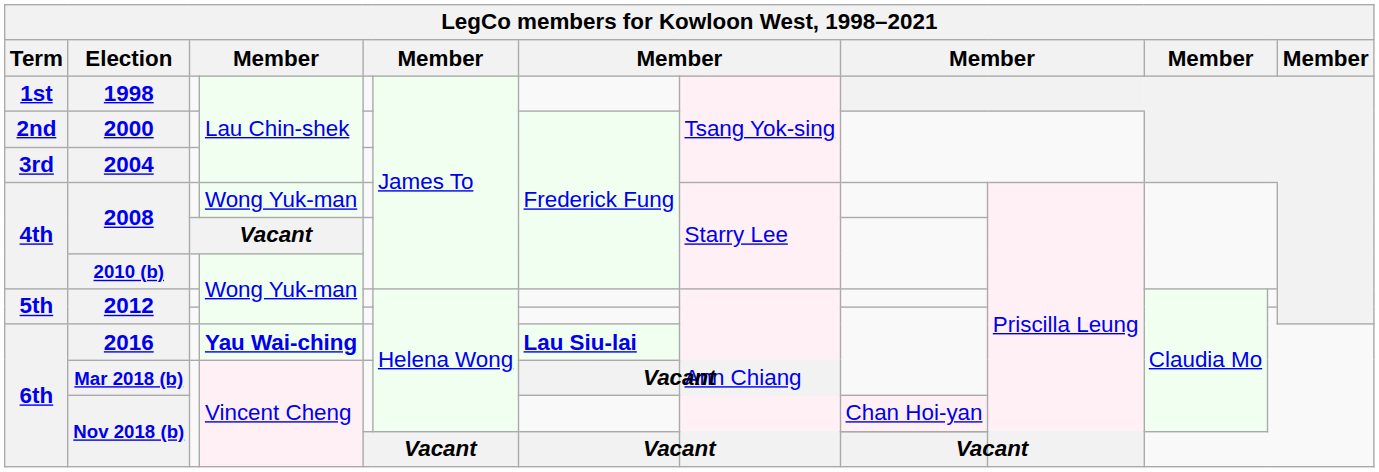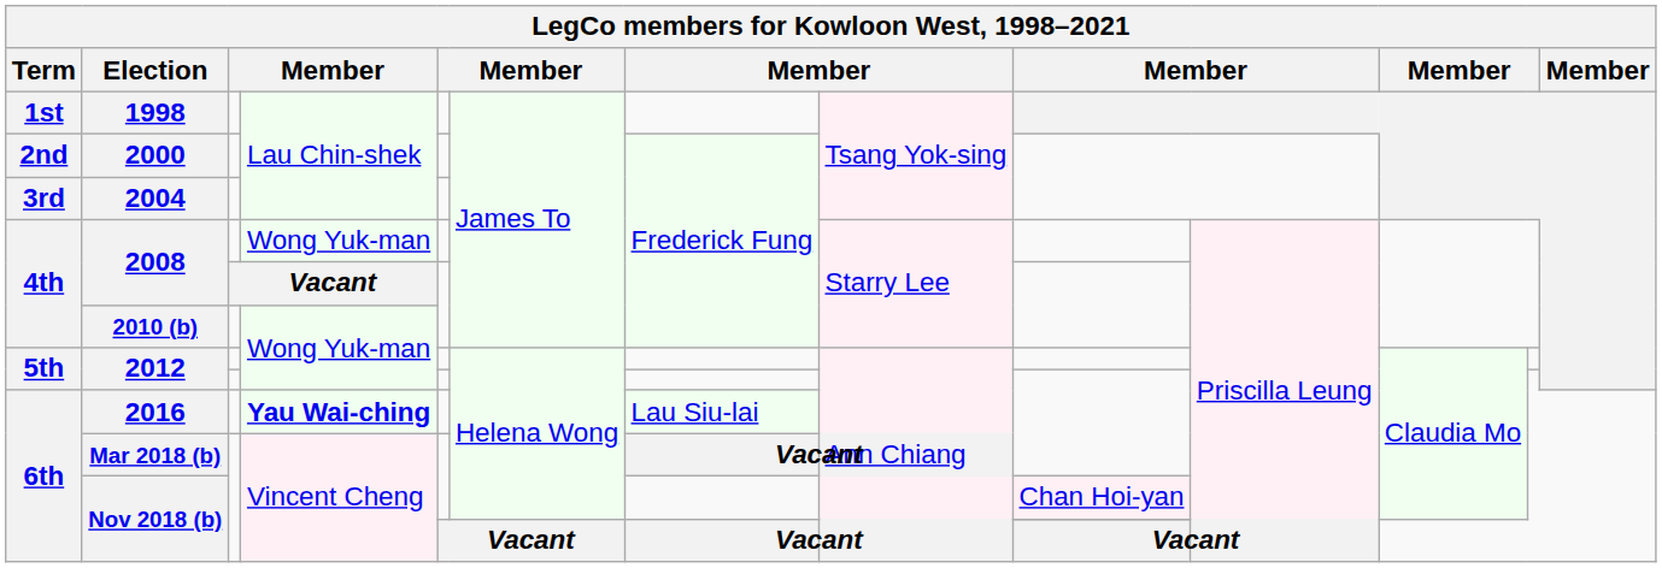 <table class="wikitable" style="text-align:left">
 <tr>
 <th colspan = 20>LegCo members for Kowloon West, 1998–2021</th>
 </tr>
 <tr>
 <th>Term</th>
 <th>Election</th>
 <th colspan="2" width="50px">Member</th>
 <th colspan="2" width="50px">Member</th>
 <th colspan="2" width="50px">Member</th>
 <th colspan="2" width="50px">Member</th>
 <th colspan="2" width="50px">Member</th>
 <th colspan="2" width="50px">Member</th>
 </tr>
 <tr>
 <th><a href='#'>1st</a></th>
 <th><a href='#'>1998</a></th>
 <td style="color:inherit;background:"></td>
 <td rowspan="3" bgcolor=Honeydew><a href='#'>Lau Chin-shek</a> <br></td>
 <td style="color:inherit;background:"></td>
 <td rowspan="6" bgcolor=Honeydew><a href='#'>James To</a> <br></td>
 <td style="color:inherit;background:"></td>
 <td rowspan="3" bgcolor=LavenderBlush><a href='#'>Tsang Yok-sing</a> <br></td>
 <th colspan=2 style=border-right-style:hidden;></th>
 <th rowspan=3 colspan=2 style=border-right-style:hidden;></th>
 <th rowspan=8 colspan=2></th>
 </tr>
 <tr>
 <th><a href='#'>2nd</a></th>
 <th><a href='#'>2000</a></th>
 <td style="color:inherit;background:"></td>
 <td></td>
 <td rowspan="5" bgcolor=Honeydew><a href='#'>Frederick Fung</a> <br></td>
 </tr>
 <tr>
 <th><a href='#'>3rd</a></th>
 <th><a href='#'>2004</a></th>
 </tr>
 <tr>
 <th rowspan=3><a href='#'>4th</a></th>
 <th rowspan=2><a href='#'>2008</a></th>
 <td style="color:inherit;background:"></td>
 <td rowspan="1" bgcolor=Honeydew><a href='#'>Wong Yuk-man</a> <br></td>
 <td style="color:inherit;background:"></td>
 <td rowspan="3" bgcolor=LavenderBlush><a href='#'>Starry Lee</a> <br></td>
 <td style="color:inherit;background:"></td>
 <td rowspan="10" bgcolor=LavenderBlush><a href='#'>Priscilla Leung</a> <br></td>
 </tr>
 <tr>
 <th colspan=2 rowspan=1><em>Vacant</em></th>
 </tr>
 <tr>
 <th><small><a href='#'>2010 (b)</a></small></th>
 <td style="color:inherit;background:"></td>
 <td rowspan="3" bgcolor=Honeydew><a href='#'>Wong Yuk-man</a> <br></td>
 </tr>
 <tr>
 <th rowspan=2><a href='#'>5th</a></th>
 <th rowspan=2><a href='#'>2012</a></th>
 <td style="color:inherit;background:"></td>
 <td style="color:inherit;background:"></td>
 <td rowspan="6" bgcolor=Honeydew><a href='#'>Helena Wong</a> <br></td>
 <td style="color:inherit;background:"></td>
 <td rowspan="7" bgcolor=LavenderBlush><a href='#'>Ann Chiang</a> <br></td>
 <td style="color:inherit;background:"></td>
 <td rowspan="6" bgcolor=Honeydew><a href='#'>Claudia Mo</a> <br></td>
 <td style="color:inherit;background:"></td>
 </tr>
 <tr>
 <td style="color:inherit;background:"></td>
 <td style="color:inherit;background:"></td>
 </tr>
 <tr>
 <th rowspan=5><a href='#'>6th</a></th>
 <th><a href='#'>2016</a></th>
 <td style="color:inherit;background:"></td>
 <td bgcolor=Honeydew><strong><a href='#'>Yau Wai-ching</a> <br></strong></td>
 <td style="color:inherit;background:"></td>
-<td bgcolor=Honeydew><strong><a href='#'>Lau Siu-lai</a> <br></strong></td>
+<td bgcolor=Honeydew><a href='#'>Lau Siu-lai</a> <br></td>
 </tr>
 <tr>
 <th rowspan=1><small><a href='#'>Mar 2018 (b)</a></small></th>
 <td rowspan=4 style="color:inherit;background:"></td>
 <td rowspan=4 bgcolor=LavenderBlush><a href='#'>Vincent Cheng</a> <br></td>
 <td rowspan=3></td>
 <th colspan=2 rowspan=1><em>Vacant</em></th>
 </tr>
 <tr>
 <th rowspan=3><small><a href='#'>Nov 2018 (b)</a></small></th>
 <td style="color:inherit;background:"></td>
 <td bgcolor=LavenderBlush><a href='#'>Chan Hoi-yan</a> <br></td>
 </tr>
 <tr>
 <th colspan=2 rowspan=2><em>Vacant</em></th>
 </tr>
 <tr>
 <th colspan=2><em>Vacant</em></th>
 <th colspan=2><em>Vacant</em></th>
 </tr>
 </table>
